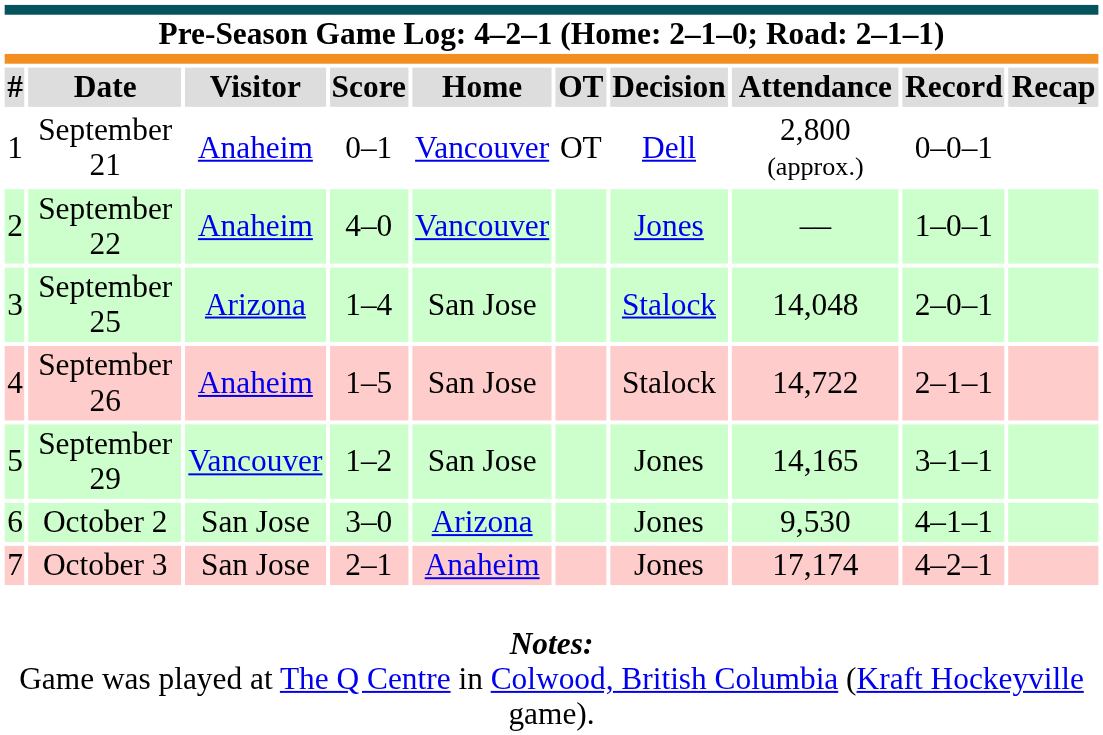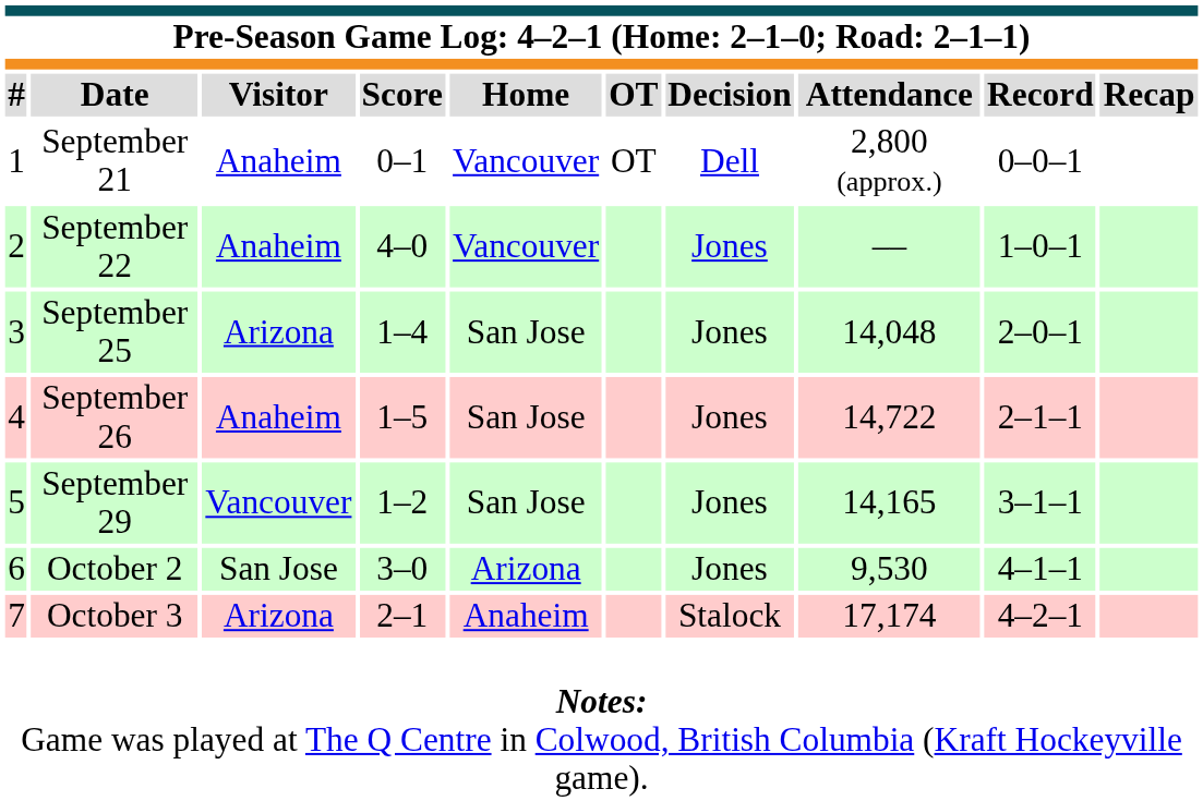 <table class="toccolours collapsible collapsed" style="width:90%; clear:both; margin:1.5em auto; text-align:center;">
 <tr>
 <th colspan=10 style="background:#fff; border-top:#05535D 5px solid; border-bottom:#F38F20 5px solid;">Pre-Season Game Log: 4–2–1 (Home: 2–1–0; Road: 2–1–1)</th>
 </tr>
 <tr bgcolor=dddddd>
 <th>#</th>
 <th>Date</th>
 <th>Visitor</th>
 <th>Score</th>
 <th>Home</th>
 <th>OT</th>
 <th>Decision</th>
 <th>Attendance</th>
 <th>Record</th>
 <th>Recap</th>
 </tr>
 <tr bgcolor=ffffff>
 <td>1</td>
 <td>September 21</td>
 <td><a href='#'>Anaheim</a></td>
 <td>0–1</td>
 <td><a href='#'>Vancouver</a></td>
 <td>OT</td>
 <td><a href='#'>Dell</a></td>
 <td>2,800 <small>(approx.)</small></td>
 <td>0–0–1</td>
 <td></td>
 </tr>
 <tr bgcolor=ccffcc>
 <td>2</td>
 <td>September 22</td>
 <td><a href='#'>Anaheim</a></td>
 <td>4–0</td>
 <td><a href='#'>Vancouver</a></td>
 <td></td>
 <td><a href='#'>Jones</a></td>
 <td>––</td>
 <td>1–0–1</td>
 <td></td>
 </tr>
 <tr bgcolor=ccffcc>
 <td>3</td>
 <td>September 25</td>
 <td><a href='#'>Arizona</a></td>
 <td>1–4</td>
 <td>San Jose</td>
 <td></td>
-<td><a href='#'>Stalock</a></td>
+<td>Jones</td>
 <td>14,048</td>
 <td>2–0–1</td>
 <td></td>
 </tr>
 <tr bgcolor=ffcccc>
 <td>4</td>
 <td>September 26</td>
 <td><a href='#'>Anaheim</a></td>
 <td>1–5</td>
 <td>San Jose</td>
 <td></td>
-<td>Stalock</td>
+<td>Jones</td>
 <td>14,722</td>
 <td>2–1–1</td>
 <td></td>
 </tr>
 <tr bgcolor=ccffcc>
 <td>5</td>
 <td>September 29</td>
 <td><a href='#'>Vancouver</a></td>
 <td>1–2</td>
 <td>San Jose</td>
 <td></td>
 <td>Jones</td>
 <td>14,165</td>
 <td>3–1–1</td>
 <td></td>
 </tr>
 <tr bgcolor=ccffcc>
 <td>6</td>
 <td>October 2</td>
 <td>San Jose</td>
 <td>3–0</td>
 <td><a href='#'>Arizona</a></td>
 <td></td>
 <td>Jones</td>
 <td>9,530</td>
 <td>4–1–1</td>
 <td></td>
 </tr>
 <tr bgcolor=ffcccc>
 <td>7</td>
 <td>October 3</td>
-<td>San Jose</td>
+<td><a href='#'>Arizona</a></td>
 <td>2–1</td>
 <td><a href='#'>Anaheim</a></td>
 <td></td>
-<td>Jones</td>
+<td>Stalock</td>
 <td>17,174</td>
 <td>4–2–1</td>
 <td></td>
 </tr>
 <tr>
 <td colspan="10" style="text-align:center;"><br><strong><em>Notes:</em></strong><br> Game was played at <a href='#'>The Q Centre</a> in <a href='#'>Colwood, British Columbia</a> (<a href='#'>Kraft Hockeyville</a> game).</td>
 </tr>
 </table>
